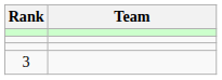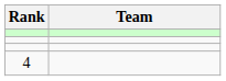 <table class="wikitable">
 <tr>
 <th>Rank</th>
 <th width=170>Team</th>
 </tr>
 <tr bgcolor=ccffcc>
 <td align=center></td>
 <td></td>
 </tr>
 <tr>
 <td align=center></td>
 <td></td>
 </tr>
 <tr>
 <td align=center></td>
 <td></td>
 </tr>
 <tr>
-<td align=center>3</td>
+<td align=center>4</td>
 <td></td>
 </tr>
 </table>
